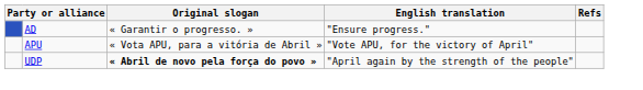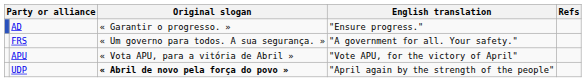 <table class="wikitable" style="font-size:97%; text-align:left;">
 <tr>
 <th style="text-align:left;" colspan="2">Party or alliance</th>
 <th>Original slogan</th>
 <th>English translation</th>
 <th>Refs</th>
 </tr>
 <tr>
 <td bgcolor="#2A52BE"></td>
 <td><a href='#'>AD</a></td>
 <td>« Garantir o progresso. »</td>
 <td>"Ensure progress."</td>
+<td></td>
+</tr>
+<tr>
+<td width="1"></td>
+<td><a href='#'>FRS</a></td>
+<td>« Um governo para todos. A sua segurança. »</td>
+<td>"A government for all. Your safety."</td>
 <td></td>
 </tr>
 <tr>
 <td></td>
 <td><a href='#'>APU</a></td>
 <td>« Vota APU, para a vitória de Abril »</td>
 <td>"Vote APU, for the victory of April"</td>
 <td></td>
 </tr>
 <tr>
 <td></td>
 <td><a href='#'>UDP</a></td>
 <td><strong>« Abril de novo pela força do povo »</strong></td>
 <td>"April again by the strength of the people"</td>
 <td></td>
 </tr>
 </table>
